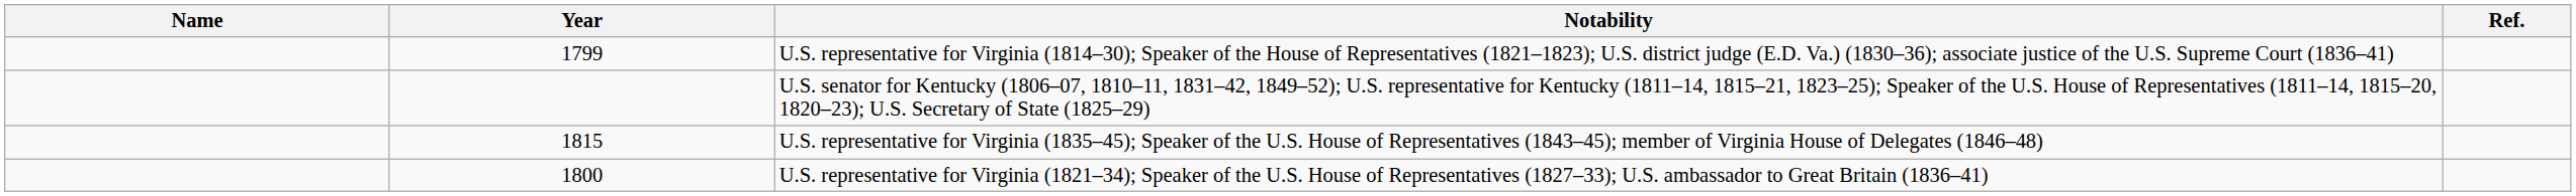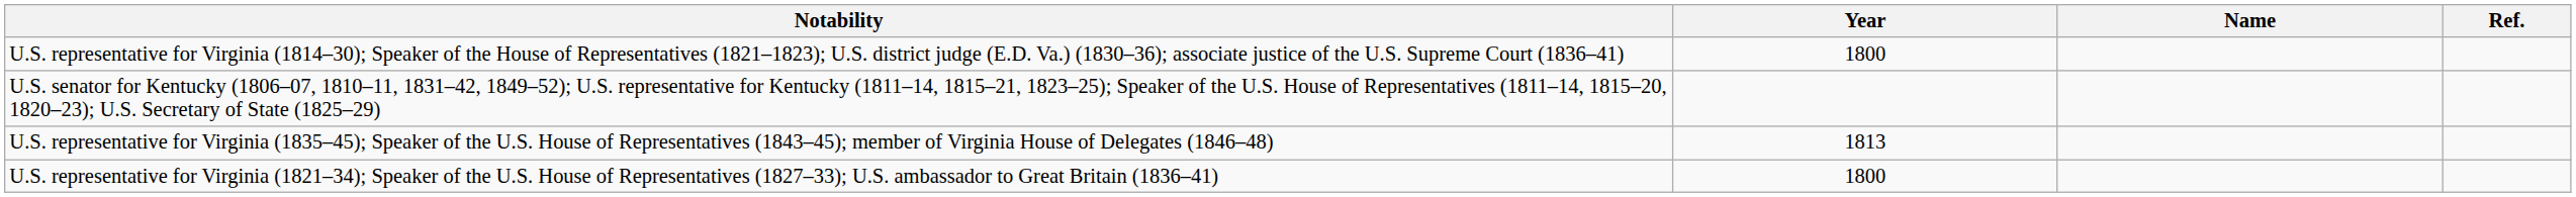 <table class="wikitable sortable" style="width:100%">
 <tr>
+<th width="65%" class="unsortable">Notability</th>
+<th width="15%">Year</th>
 <th width="15%">Name</th>
-<th width="15%">Year</th>
-<th width="65%" class="unsortable">Notability</th>
 <th width="5%" class="unsortable">Ref.</th>
 </tr>
 <tr>
+<td>U.S. representative for Virginia (1814–30); Speaker of the House of Representatives (1821–1823); U.S. district judge (E.D. Va.) (1830–36); associate justice of the U.S. Supreme Court (1836–41)</td>
+<td align="center">1800</td>
 <td></td>
-<td align="center">1799</td>
-<td>U.S. representative for Virginia (1814–30); Speaker of the House of Representatives (1821–1823); U.S. district judge (E.D. Va.) (1830–36); associate justice of the U.S. Supreme Court (1836–41)</td>
 <td align="center"></td>
 </tr>
 <tr>
+<td>U.S. senator for Kentucky (1806–07, 1810–11, 1831–42, 1849–52); U.S. representative for Kentucky (1811–14, 1815–21, 1823–25); Speaker of the U.S. House of Representatives (1811–14, 1815–20, 1820–23); U.S. Secretary of State (1825–29)</td>
+<td align="center"></td>
 <td></td>
-<td align="center"></td>
-<td>U.S. senator for Kentucky (1806–07, 1810–11, 1831–42, 1849–52); U.S. representative for Kentucky (1811–14, 1815–21, 1823–25); Speaker of the U.S. House of Representatives (1811–14, 1815–20, 1820–23); U.S. Secretary of State (1825–29)</td>
 <td align="center"></td>
 </tr>
 <tr>
+<td>U.S. representative for Virginia (1835–45); Speaker of the U.S. House of Representatives (1843–45); member of Virginia House of Delegates (1846–48)</td>
+<td align="center">1813</td>
 <td></td>
-<td align="center">1815</td>
-<td>U.S. representative for Virginia (1835–45); Speaker of the U.S. House of Representatives (1843–45); member of Virginia House of Delegates (1846–48)</td>
 <td align="center"></td>
 </tr>
 <tr>
+<td>U.S. representative for Virginia (1821–34); Speaker of the U.S. House of Representatives (1827–33); U.S. ambassador to Great Britain (1836–41)</td>
+<td align="center">1800</td>
 <td></td>
-<td align="center">1800</td>
-<td>U.S. representative for Virginia (1821–34); Speaker of the U.S. House of Representatives (1827–33); U.S. ambassador to Great Britain (1836–41)</td>
 <td align="center"></td>
 </tr>
 </table>
